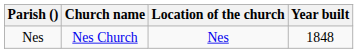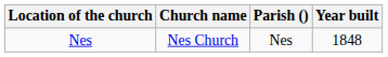 <table class="wikitable" style="text-align:center">
 <tr>
+<th>Location of the church</th>
+<th>Church name</th>
 <th>Parish ()</th>
-<th>Church name</th>
-<th>Location of the church</th>
 <th>Year built</th>
 </tr>
 <tr>
+<td><a href='#'>Nes</a></td>
+<td><a href='#'>Nes Church</a></td>
 <td rowspan="1">Nes</td>
-<td><a href='#'>Nes Church</a></td>
-<td><a href='#'>Nes</a></td>
 <td>1848</td>
 </tr>
 </table>
